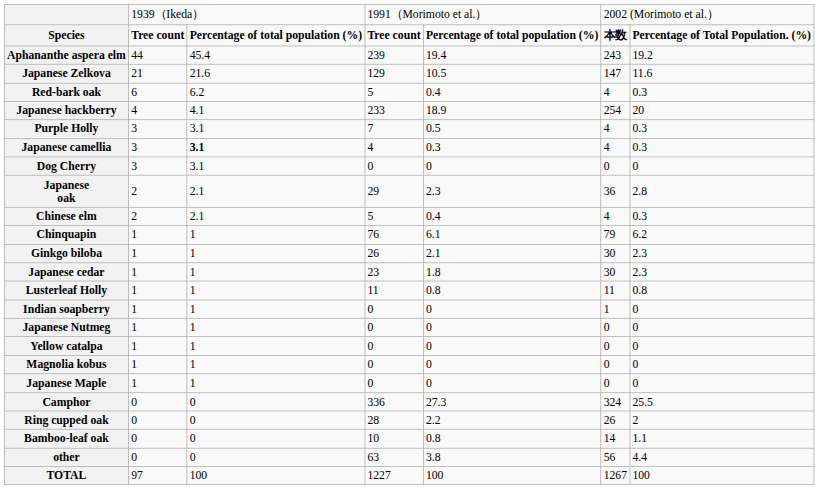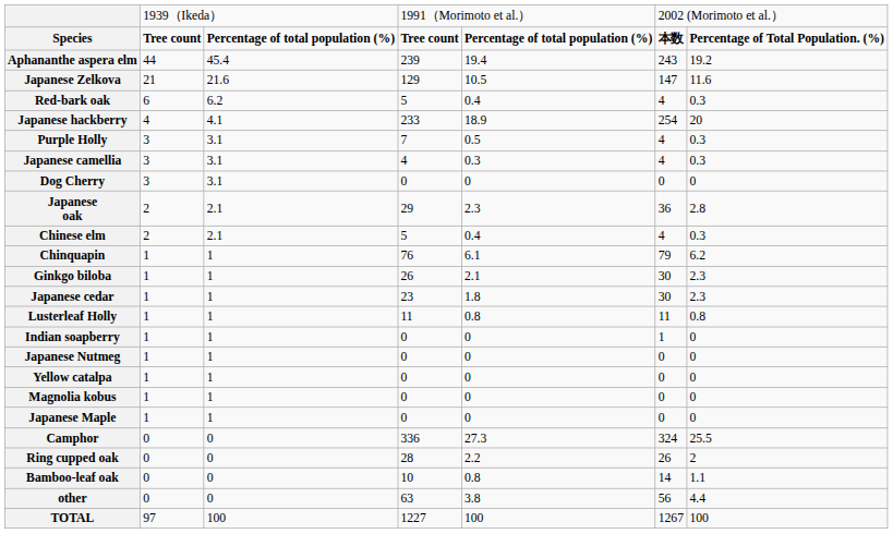 <table class="wikitable">
 <tr>
 <th></th>
 <td colspan="2">1939（Ikeda）</td>
 <td colspan="2">1991（Morimoto et al.）</td>
 <td colspan="2">2002 (Morimoto et al.）</td>
 </tr>
 <tr>
 <th>Species</th>
 <td><strong>Tree count</strong></td>
 <td><strong>Percentage of total population (%)</strong></td>
 <td><strong>Tree count</strong></td>
 <td><strong>Percentage of total population (%)</strong></td>
 <td><strong>本数</strong></td>
 <td><strong>Percentage of Total Population. (%)</strong></td>
 </tr>
 <tr>
 <th>Aphananthe aspera elm</th>
 <td>44</td>
 <td>45.4</td>
 <td>239</td>
 <td>19.4</td>
 <td>243</td>
 <td>19.2</td>
 </tr>
 <tr>
 <th>Japanese Zelkova</th>
 <td>21</td>
 <td>21.6</td>
 <td>129</td>
 <td>10.5</td>
 <td>147</td>
 <td>11.6</td>
 </tr>
 <tr>
 <th>Red-bark oak</th>
 <td>6</td>
 <td>6.2</td>
 <td>5</td>
 <td>0.4</td>
 <td>4</td>
 <td>0.3</td>
 </tr>
 <tr>
 <th>Japanese hackberry</th>
 <td>4</td>
 <td>4.1</td>
 <td>233</td>
 <td>18.9</td>
 <td>254</td>
 <td>20</td>
 </tr>
 <tr>
 <th>Purple Holly</th>
 <td>3</td>
 <td>3.1</td>
 <td>7</td>
 <td>0.5</td>
 <td>4</td>
 <td>0.3</td>
 </tr>
 <tr>
 <th>Japanese camellia</th>
 <td>3</td>
-<td><strong>3.1</strong></td>
+<td>3.1</td>
 <td>4</td>
 <td>0.3</td>
 <td>4</td>
 <td>0.3</td>
 </tr>
 <tr>
 <th>Dog Cherry</th>
 <td>3</td>
 <td>3.1</td>
 <td>0</td>
 <td>0</td>
 <td>0</td>
 <td>0</td>
 </tr>
 <tr>
 <th>Japanese<br>oak</th>
 <td>2</td>
 <td>2.1</td>
 <td>29</td>
 <td>2.3</td>
 <td>36</td>
 <td>2.8</td>
 </tr>
 <tr>
 <th>Chinese elm</th>
 <td>2</td>
 <td>2.1</td>
 <td>5</td>
 <td>0.4</td>
 <td>4</td>
 <td>0.3</td>
 </tr>
 <tr>
 <th>Chinquapin</th>
 <td>1</td>
 <td>1</td>
 <td>76</td>
 <td>6.1</td>
 <td>79</td>
 <td>6.2</td>
 </tr>
 <tr>
 <th>Ginkgo biloba</th>
 <td>1</td>
 <td>1</td>
 <td>26</td>
 <td>2.1</td>
 <td>30</td>
 <td>2.3</td>
 </tr>
 <tr>
 <th>Japanese cedar</th>
 <td>1</td>
 <td>1</td>
 <td>23</td>
 <td>1.8</td>
 <td>30</td>
 <td>2.3</td>
 </tr>
 <tr>
 <th>Lusterleaf Holly</th>
 <td>1</td>
 <td>1</td>
 <td>11</td>
 <td>0.8</td>
 <td>11</td>
 <td>0.8</td>
 </tr>
 <tr>
 <th>Indian soapberry</th>
 <td>1</td>
 <td>1</td>
 <td>0</td>
 <td>0</td>
 <td>1</td>
 <td>0</td>
 </tr>
 <tr>
 <th>Japanese Nutmeg</th>
 <td>1</td>
 <td>1</td>
 <td>0</td>
 <td>0</td>
 <td>0</td>
 <td>0</td>
 </tr>
 <tr>
 <th>Yellow catalpa</th>
 <td>1</td>
 <td>1</td>
 <td>0</td>
 <td>0</td>
 <td>0</td>
 <td>0</td>
 </tr>
 <tr>
 <th>Magnolia kobus</th>
 <td>1</td>
 <td>1</td>
 <td>0</td>
 <td>0</td>
 <td>0</td>
 <td>0</td>
 </tr>
 <tr>
 <th>Japanese Maple</th>
 <td>1</td>
 <td>1</td>
 <td>0</td>
 <td>0</td>
 <td>0</td>
 <td>0</td>
 </tr>
 <tr>
 <th>Camphor</th>
 <td>0</td>
 <td>0</td>
 <td>336</td>
 <td>27.3</td>
 <td>324</td>
 <td>25.5</td>
 </tr>
 <tr>
 <th>Ring cupped oak</th>
 <td>0</td>
 <td>0</td>
 <td>28</td>
 <td>2.2</td>
 <td>26</td>
 <td>2</td>
 </tr>
 <tr>
 <th>Bamboo-leaf oak</th>
 <td>0</td>
 <td>0</td>
 <td>10</td>
 <td>0.8</td>
 <td>14</td>
 <td>1.1</td>
 </tr>
 <tr>
 <th>other</th>
 <td>0</td>
 <td>0</td>
 <td>63</td>
 <td>3.8</td>
 <td>56</td>
 <td>4.4</td>
 </tr>
 <tr>
 <th>TOTAL</th>
 <td>97</td>
 <td>100</td>
 <td>1227</td>
 <td>100</td>
 <td>1267</td>
 <td>100</td>
 </tr>
 </table>
